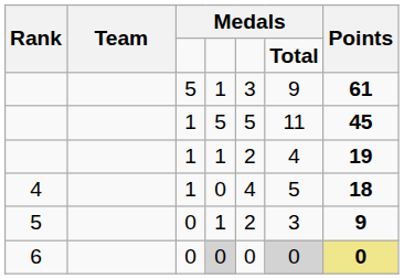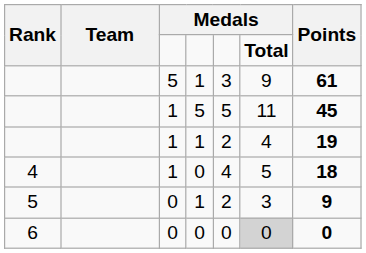 <table class="wikitable">
 <tr>
 <th rowspan=2>Rank</th>
 <th style="width:75px;" rowspan="2">Team</th>
 <th colspan=4>Medals</th>
 <th rowspan=2>Points</th>
 </tr>
 <tr>
 <td style="width:15px; text-align:center;"></td>
 <td style="width:15px; text-align:center;"></td>
 <td style="width:15px; text-align:center;"></td>
 <td><strong>Total</strong></td>
 </tr>
 <tr>
 <td align=center></td>
 <td></td>
 <td align=center>5</td>
 <td align=center>1</td>
 <td align=center>3</td>
 <td align=center>9</td>
 <td align=center><strong>61</strong></td>
 </tr>
 <tr>
 <td align=center></td>
 <td></td>
 <td align=center>1</td>
 <td align=center>5</td>
 <td align=center>5</td>
 <td align=center>11</td>
 <td align=center><strong>45</strong></td>
 </tr>
 <tr>
 <td align=center></td>
 <td><strong></strong></td>
 <td align=center>1</td>
 <td align=center>1</td>
 <td align=center>2</td>
 <td align=center>4</td>
 <td align=center><strong>19</strong></td>
 </tr>
 <tr>
 <td align=center>4</td>
 <td></td>
 <td align=center>1</td>
 <td align=center>0</td>
 <td align=center>4</td>
 <td align=center>5</td>
 <td align=center><strong>18</strong></td>
 </tr>
 <tr>
 <td align=center>5</td>
 <td></td>
 <td align=center>0</td>
 <td align=center>1</td>
 <td align=center>2</td>
 <td align=center>3</td>
 <td align=center><strong>9</strong></td>
 </tr>
 <tr>
 <td align=center>6</td>
 <td></td>
 <td align=center>0</td>
-<td align=center style="background: lightgrey;">0</td>
+<td align=center>0</td>
 <td align=center>0</td>
 <td align=center style="background: lightgrey;">0</td>
-<td align=center style="background: khaki;"><strong>0</strong></td>
+<td align=center><strong>0</strong></td>
 </tr>
 </table>
